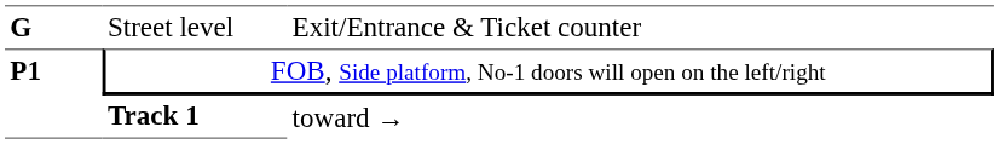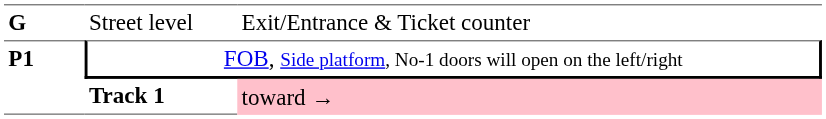 <table table border=0 cellspacing=0 cellpadding=3>
 <tr>
 <td style="border-top:solid 1px gray;" width=50 valign=top><strong>G</strong></td>
 <td style="border-top:solid 1px gray;" width=100 valign=top>Street level</td>
 <td style="border-top:solid 1px gray;" width=400 valign=top>Exit/Entrance & Ticket counter</td>
 </tr>
 <tr>
 <td style="border-top:solid 1px gray;border-bottom:solid 1px gray;" width=50 rowspan=6 valign=top><strong>P1</strong></td>
 <td style="border-top:solid 1px gray;border-right:solid 2px black;border-left:solid 2px black;border-bottom:solid 2px black;text-align:center;" colspan=2><a href='#'>FOB</a>, <small><a href='#'>Side platform</a>, No-1 doors will open on the left/right</small></td>
 </tr>
 <tr>
 <td style="border-bottom:solid 1px gray;" width=100><strong>Track 1</strong></td>
-<td>  toward →</td>
+<td style="background: pink;">  toward →</td>
 </tr>
 <tr>
 </tr>
 </table>
